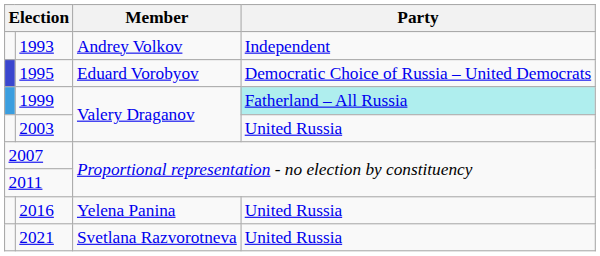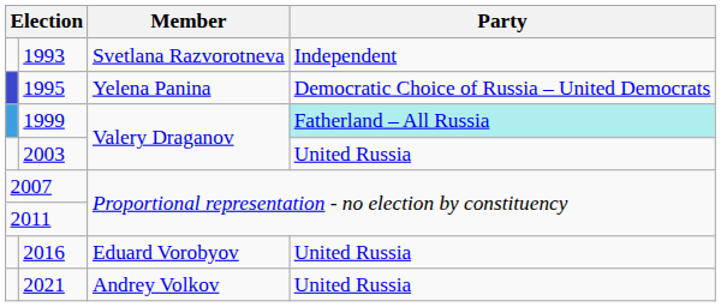 <table class="wikitable">
 <tr>
 <th colspan="2">Election</th>
 <th>Member</th>
 <th>Party</th>
 </tr>
 <tr>
 <td style="background-color: "></td>
 <td><a href='#'>1993</a></td>
-<td><a href='#'>Andrey Volkov</a></td>
+<td><a href='#'>Svetlana Razvorotneva</a></td>
 <td><a href='#'>Independent</a></td>
 </tr>
 <tr>
 <td style="background-color: #3A46CE"></td>
 <td><a href='#'>1995</a></td>
-<td><a href='#'>Eduard Vorobyov</a></td>
+<td><a href='#'>Yelena Panina</a></td>
 <td><a href='#'>Democratic Choice of Russia – United Democrats</a></td>
 </tr>
 <tr>
 <td style="background-color: #3B9EDF"></td>
 <td><a href='#'>1999</a></td>
 <td rowspan=2><a href='#'>Valery Draganov</a></td>
 <td style="background: paleturquoise;"><a href='#'>Fatherland – All Russia</a></td>
 </tr>
 <tr>
 <td style="background-color: "></td>
 <td><a href='#'>2003</a></td>
 <td><a href='#'>United Russia</a></td>
 </tr>
 <tr>
 <td colspan=2><a href='#'>2007</a></td>
 <td colspan=2 rowspan=2><em><a href='#'>Proportional representation</a> - no election by constituency</em></td>
 </tr>
 <tr>
 <td colspan=2><a href='#'>2011</a></td>
 </tr>
 <tr>
 <td style="background-color: "></td>
 <td><a href='#'>2016</a></td>
-<td><a href='#'>Yelena Panina</a></td>
+<td><a href='#'>Eduard Vorobyov</a></td>
 <td><a href='#'>United Russia</a></td>
 </tr>
 <tr>
 <td style="background-color:"></td>
 <td><a href='#'>2021</a></td>
-<td><a href='#'>Svetlana Razvorotneva</a></td>
+<td><a href='#'>Andrey Volkov</a></td>
 <td><a href='#'>United Russia</a></td>
 </tr>
 </table>
